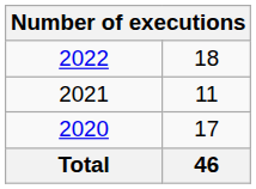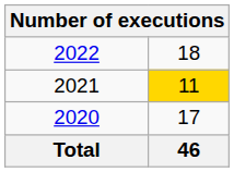 <table class="wikitable" style="text-align:center;">
 <tr>
 <th ! colspan="2">Number of executions</th>
 </tr>
 <tr>
 <td><a href='#'>2022</a></td>
 <td>18</td>
 </tr>
 <tr>
 <td>2021</td>
-<td>11</td>
+<td style="background: gold;">11</td>
 </tr>
 <tr>
 <td><a href='#'>2020</a></td>
 <td>17</td>
 </tr>
 <tr>
 <th>Total</th>
 <th>46</th>
 </tr>
 </table>
